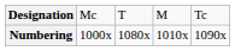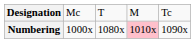 <table class="wikitable">
 <tr>
 <th>Designation</th>
 <td>Mc</td>
 <td>T</td>
 <td>M</td>
 <td>Tc</td>
 </tr>
 <tr>
 <th>Numbering</th>
 <td>1000x</td>
 <td>1080x</td>
-<td>1010x</td>
+<td style="background: pink;">1010x</td>
 <td>1090x</td>
 </tr>
 </table>
